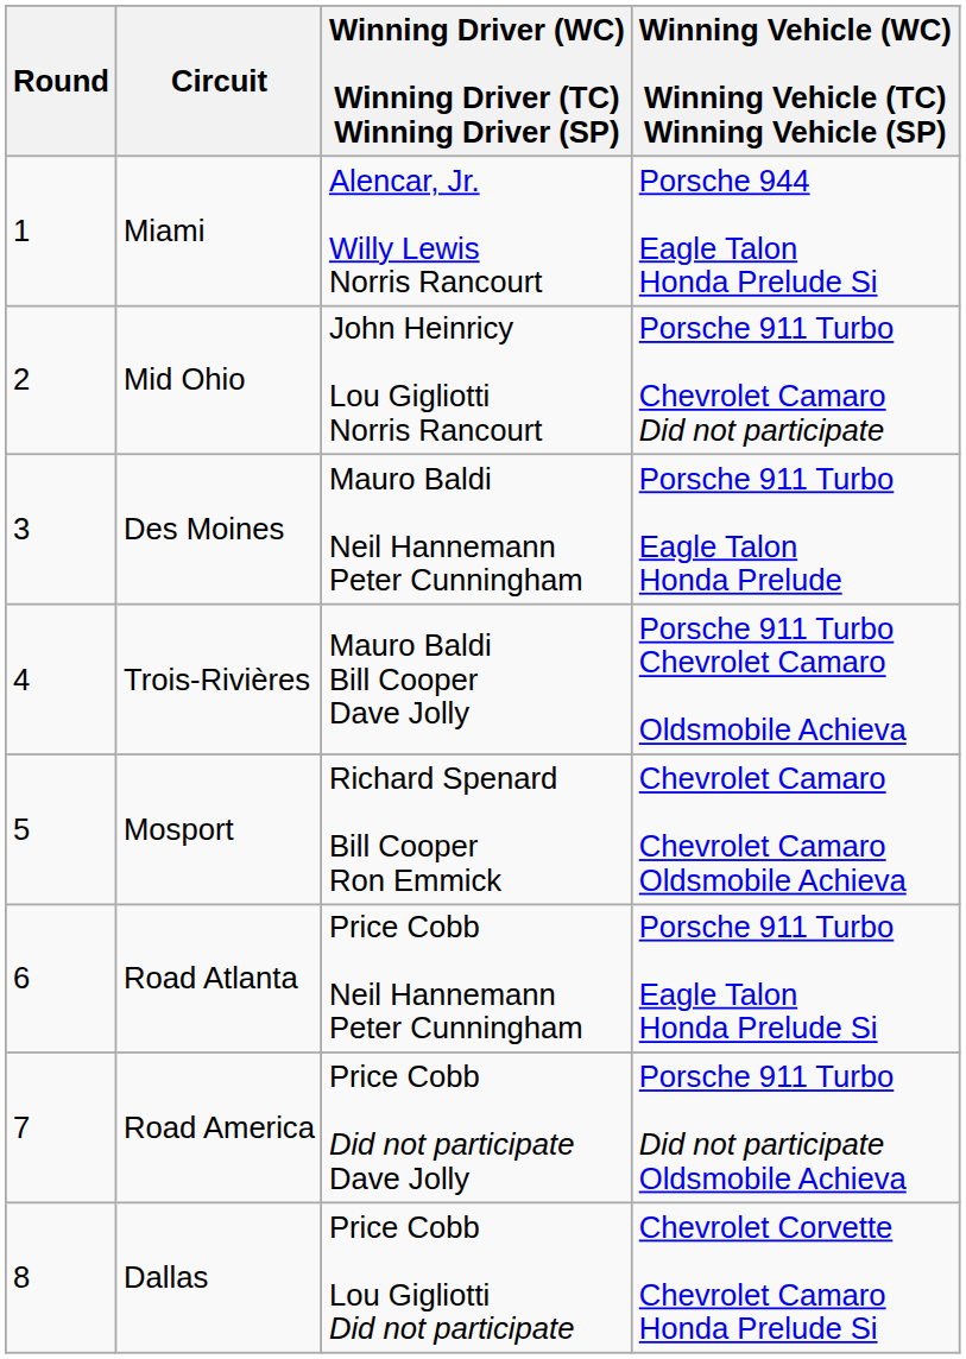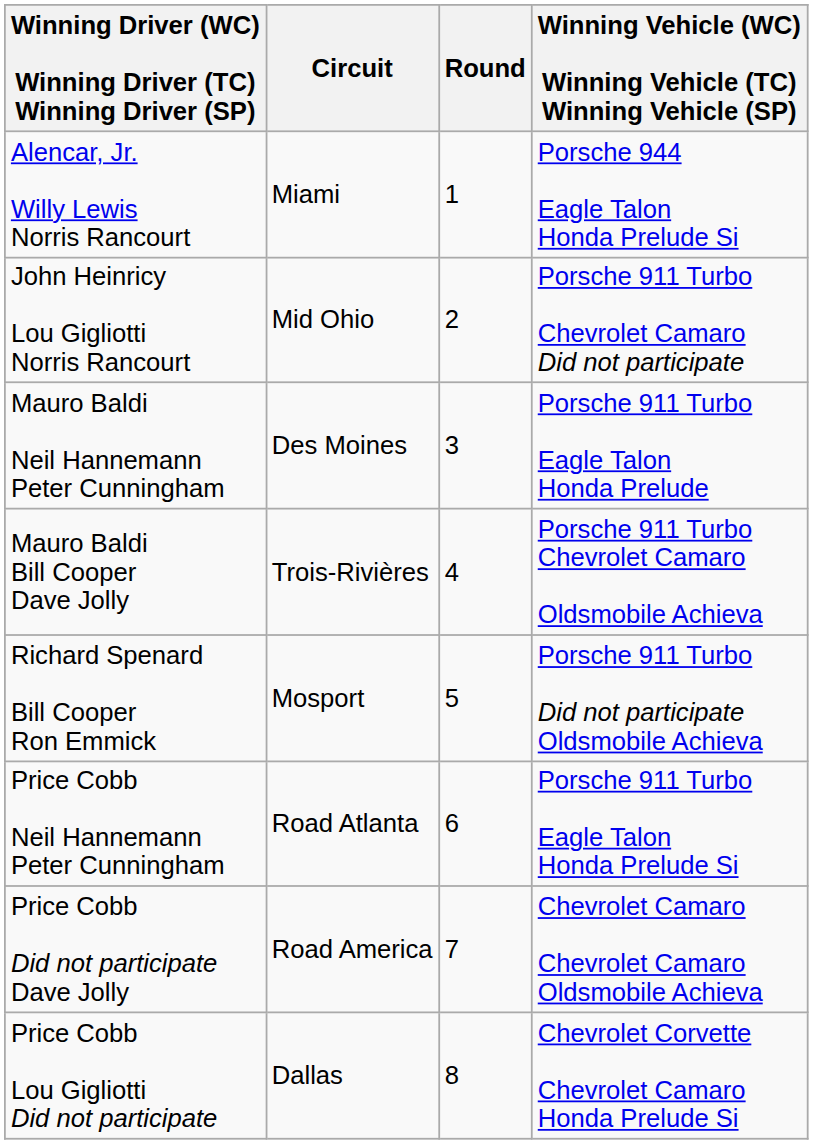 <table class="wikitable" style="font-size: 90%;">
 <tr>
+<th>Winning Driver (WC)<br><br>Winning Driver (TC)<br> Winning Driver (SP)<br></th>
+<th>Circuit</th>
 <th>Round</th>
-<th>Circuit</th>
-<th>Winning Driver (WC)<br><br>Winning Driver (TC)<br> Winning Driver (SP)<br></th>
 <th>Winning Vehicle (WC)<br><br>Winning Vehicle (TC)<br> Winning Vehicle (SP)<br></th>
 </tr>
 <tr>
+<td><a href='#'>Alencar, Jr.</a><br><br><a href='#'>Willy Lewis</a><br> Norris Rancourt<br></td>
+<td>Miami</td>
 <td>1</td>
-<td>Miami</td>
-<td><a href='#'>Alencar, Jr.</a><br><br><a href='#'>Willy Lewis</a><br> Norris Rancourt<br></td>
 <td><a href='#'>Porsche 944</a><br><br><a href='#'>Eagle Talon</a><br> <a href='#'>Honda Prelude Si</a><br></td>
 </tr>
 <tr>
+<td>John Heinricy<br><br>Lou Gigliotti<br> Norris Rancourt<br></td>
+<td>Mid Ohio</td>
 <td>2</td>
-<td>Mid Ohio</td>
-<td>John Heinricy<br><br>Lou Gigliotti<br> Norris Rancourt<br></td>
 <td><a href='#'>Porsche 911 Turbo</a><br><br><a href='#'>Chevrolet Camaro</a><br> <em>Did not participate</em><br></td>
 </tr>
 <tr>
+<td>Mauro Baldi<br><br>Neil Hannemann<br> Peter Cunningham<br></td>
+<td>Des Moines</td>
 <td>3</td>
-<td>Des Moines</td>
-<td>Mauro Baldi<br><br>Neil Hannemann<br> Peter Cunningham<br></td>
 <td><a href='#'>Porsche 911 Turbo</a><br><br><a href='#'>Eagle Talon</a><br> <a href='#'>Honda Prelude</a><br></td>
 </tr>
 <tr>
+<td>Mauro Baldi<br> Bill Cooper<br>Dave Jolly</td>
+<td>Trois-Rivières</td>
 <td>4</td>
-<td>Trois-Rivières</td>
-<td>Mauro Baldi<br> Bill Cooper<br>Dave Jolly</td>
 <td><a href='#'>Porsche 911 Turbo</a><br><a href='#'>Chevrolet Camaro</a><br><br><a href='#'>Oldsmobile Achieva</a></td>
 </tr>
 <tr>
+<td>Richard Spenard<br><br> Bill Cooper<br> Ron Emmick<br></td>
+<td>Mosport</td>
 <td>5</td>
-<td>Mosport</td>
-<td>Richard Spenard<br><br> Bill Cooper<br> Ron Emmick<br></td>
+<td><a href='#'>Porsche 911 Turbo</a><br><br><em>Did not participate</em><br> <a href='#'>Oldsmobile Achieva</a><br></td>
+</tr>
+<tr>
+<td>Price Cobb<br><br>Neil Hannemann<br> Peter Cunningham<br></td>
+<td>Road Atlanta</td>
+<td>6</td>
+<td><a href='#'>Porsche 911 Turbo</a><br><br><a href='#'>Eagle Talon</a><br> <a href='#'>Honda Prelude Si</a><br></td>
+</tr>
+<tr>
+<td> Price Cobb<br><br><em>Did not participate</em><br> Dave Jolly<br></td>
+<td>Road America</td>
+<td>7</td>
 <td><a href='#'>Chevrolet Camaro</a><br><br><a href='#'>Chevrolet Camaro</a><br> <a href='#'>Oldsmobile Achieva</a><br></td>
 </tr>
 <tr>
-<td>6</td>
-<td>Road Atlanta</td>
-<td>Price Cobb<br><br>Neil Hannemann<br> Peter Cunningham<br></td>
-<td><a href='#'>Porsche 911 Turbo</a><br><br><a href='#'>Eagle Talon</a><br> <a href='#'>Honda Prelude Si</a><br></td>
-</tr>
-<tr>
-<td>7</td>
-<td>Road America</td>
-<td> Price Cobb<br><br><em>Did not participate</em><br> Dave Jolly<br></td>
-<td><a href='#'>Porsche 911 Turbo</a><br><br><em>Did not participate</em><br> <a href='#'>Oldsmobile Achieva</a><br></td>
-</tr>
-<tr>
+<td>Price Cobb<br><br>Lou Gigliotti<br> <em>Did not participate</em></td>
+<td>Dallas</td>
 <td>8</td>
-<td>Dallas</td>
-<td>Price Cobb<br><br>Lou Gigliotti<br> <em>Did not participate</em></td>
 <td><a href='#'>Chevrolet Corvette</a><br><br><a href='#'>Chevrolet Camaro</a><br> <a href='#'>Honda Prelude Si</a><br></td>
 </tr>
 </table>
